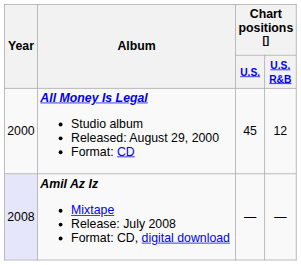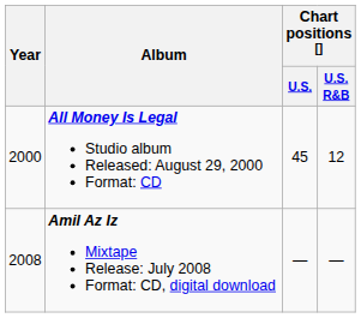 <table class="wikitable">
 <tr>
 <th style="width:20px;" rowspan="2">Year</th>
 <th style="width:250px;" rowspan="2">Album</th>
 <th colspan="2">Chart positions <sup>[]</sup></th>
 </tr>
 <tr>
 <th width="20"><small><a href='#'>U.S.</a></small></th>
 <th width="20"><small><a href='#'>U.S.<br>R&B</a></small></th>
 </tr>
 <tr>
 <td style="text-align:center;">2000</td>
 <td align="left"><strong><em><a href='#'>All Money Is Legal</a></em></strong><br><ul><li>Studio album</li><li>Released: August 29, 2000</li><li>Format: <a href='#'>CD</a></li></ul></td>
 <td style="text-align:center;">45</td>
 <td style="text-align:center;">12</td>
 </tr>
 <tr>
-<td style="background: lavender; text-align:center;">2008</td>
+<td style="text-align:center;">2008</td>
 <td align="left"><strong><em>Amil Az Iz</em></strong><br><ul><li><a href='#'>Mixtape</a></li><li>Release: July 2008</li><li>Format: CD, <a href='#'>digital download</a></li></ul></td>
 <td style="text-align:center;">—</td>
 <td style="text-align:center;">—</td>
 </tr>
 </table>
